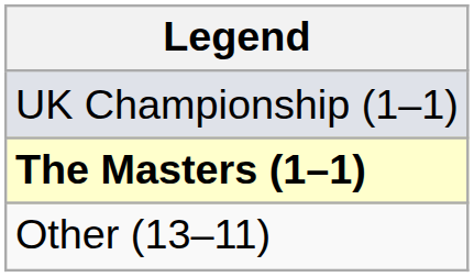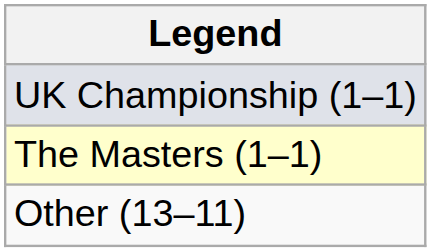 <table class="wikitable">
 <tr>
 <th>Legend</th>
 </tr>
 <tr style="background:#dfe2e9;">
 <td>UK Championship (1–1) </td>
 </tr>
 <tr style="background:#ffc;">
-<td><strong>The Masters (1–1)</strong></td>
+<td>The Masters (1–1)</td>
 </tr>
 <tr>
 <td>Other (13–11)</td>
 </tr>
 </table>
